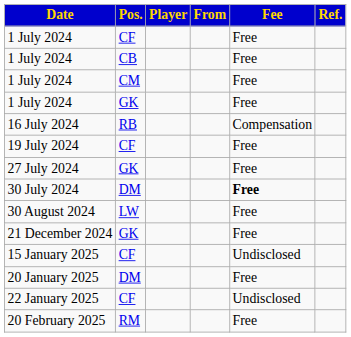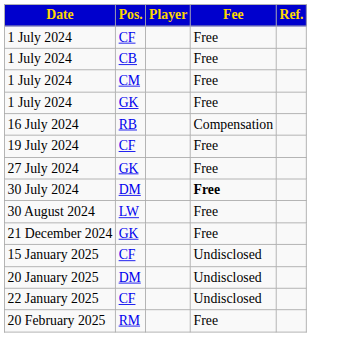 <table class="wikitable plainrowheaders sortable">
 <tr>
 <th style="background:mediumblue;color:gold;">Date</th>
 <th style="background:mediumblue;color:gold;">Pos.</th>
 <th style="background:mediumblue;color:gold;">Player</th>
-<th style="background:mediumblue;color:gold;">From</th>
 <th style="background:mediumblue;color:gold;">Fee</th>
 <th style="background:mediumblue;color:gold;">Ref.</th>
 </tr>
 <tr>
 <td>1 July 2024</td>
 <td><a href='#'>CF</a></td>
-<td></td>
 <td></td>
 <td>Free</td>
 <td></td>
 </tr>
 <tr>
 <td>1 July 2024</td>
 <td><a href='#'>CB</a></td>
 <td></td>
-<td></td>
 <td>Free</td>
 <td></td>
 </tr>
 <tr>
 <td>1 July 2024</td>
 <td><a href='#'>CM</a></td>
-<td></td>
 <td></td>
 <td>Free</td>
 <td></td>
 </tr>
 <tr>
 <td>1 July 2024</td>
 <td><a href='#'>GK</a></td>
 <td></td>
-<td></td>
 <td>Free</td>
 <td></td>
 </tr>
 <tr>
 <td>16 July 2024</td>
 <td><a href='#'>RB</a></td>
-<td></td>
 <td></td>
 <td>Compensation</td>
 <td></td>
 </tr>
 <tr>
 <td>19 July 2024</td>
 <td><a href='#'>CF</a></td>
 <td></td>
-<td></td>
 <td>Free</td>
 <td></td>
 </tr>
 <tr>
 <td>27 July 2024</td>
 <td><a href='#'>GK</a></td>
-<td></td>
 <td></td>
 <td>Free</td>
 <td></td>
 </tr>
 <tr>
 <td>30 July 2024</td>
 <td><a href='#'>DM</a></td>
 <td></td>
-<td></td>
 <td><strong>Free</strong></td>
 <td></td>
 </tr>
 <tr>
 <td>30 August 2024</td>
 <td><a href='#'>LW</a></td>
-<td></td>
 <td></td>
 <td>Free</td>
 <td></td>
 </tr>
 <tr>
 <td>21 December 2024</td>
 <td><a href='#'>GK</a></td>
 <td></td>
-<td></td>
 <td>Free</td>
 <td></td>
 </tr>
 <tr>
 <td>15 January 2025</td>
 <td><a href='#'>CF</a></td>
-<td></td>
 <td></td>
 <td>Undisclosed</td>
 <td></td>
 </tr>
 <tr>
 <td>20 January 2025</td>
 <td><a href='#'>DM</a></td>
 <td></td>
-<td></td>
-<td>Free</td>
+<td>Undisclosed</td>
 <td></td>
 </tr>
 <tr>
 <td>22 January 2025</td>
 <td><a href='#'>CF</a></td>
-<td></td>
 <td></td>
 <td>Undisclosed</td>
 <td></td>
 </tr>
 <tr>
 <td>20 February 2025</td>
 <td><a href='#'>RM</a></td>
 <td></td>
-<td></td>
 <td>Free</td>
 <td></td>
 </tr>
 </table>
